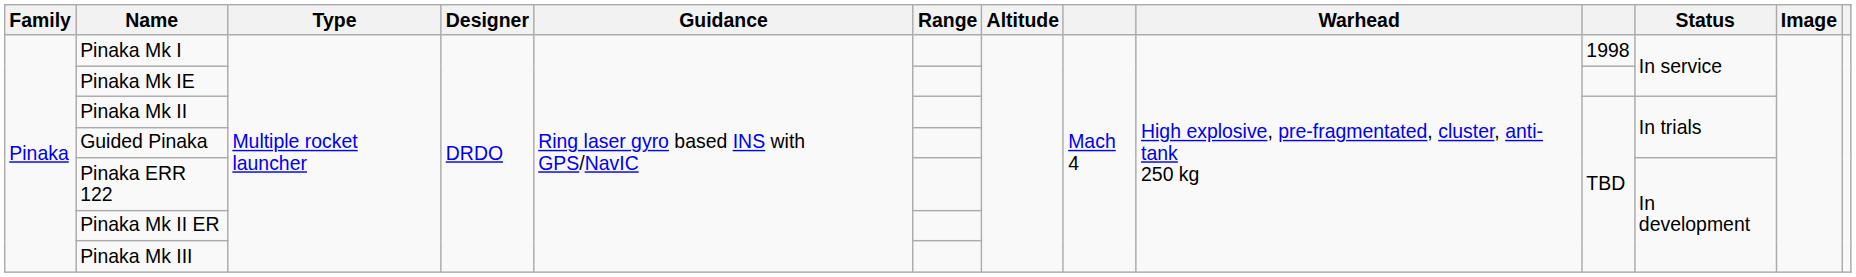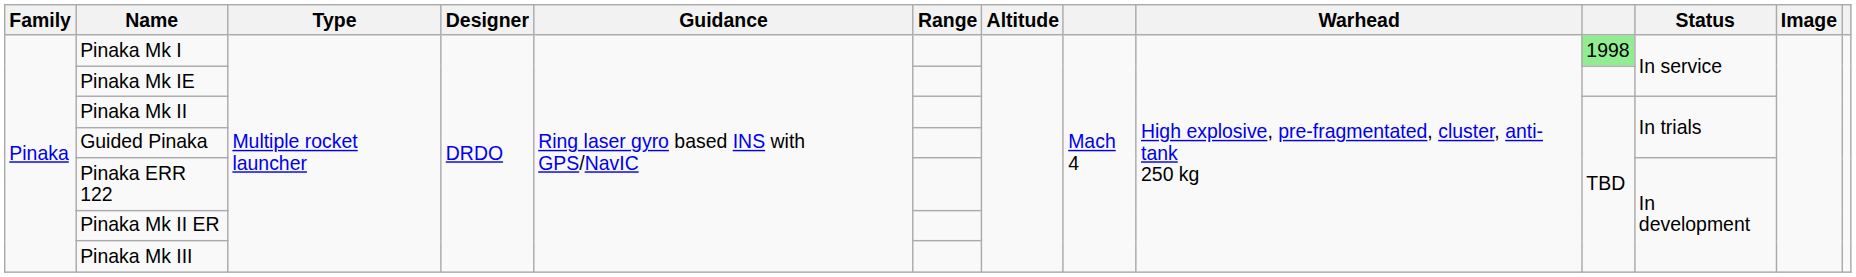 <table class="wikitable sortable" style="text-align:center|100px; font-size: 85%; width:95em;">
 <tr>
 <th>Family</th>
 <th>Name</th>
 <th>Type</th>
 <th>Designer</th>
 <th>Guidance</th>
 <th>Range</th>
 <th>Altitude</th>
 <th></th>
 <th>Warhead</th>
 <th></th>
 <th>Status</th>
 <th>Image</th>
 <th></th>
 </tr>
 <tr>
 <td rowspan="7"><a href='#'>Pinaka</a></td>
 <td>Pinaka Mk I</td>
 <td rowspan="7"><a href='#'>Multiple rocket launcher</a></td>
 <td rowspan="7"> <a href='#'>DRDO</a></td>
 <td rowspan="7"><a href='#'>Ring laser gyro</a> based <a href='#'>INS</a> with <a href='#'>GPS</a>/<a href='#'>NavIC</a></td>
 <td></td>
 <td rowspan="7"></td>
 <td rowspan="7"><a href='#'>Mach</a> 4</td>
 <td rowspan="7"><a href='#'>High explosive</a>, <a href='#'>pre-fragmentated</a>, <a href='#'>cluster</a>, <a href='#'>anti-tank</a> <br> 250 kg</td>
-<td>1998</td>
+<td style="background: lightgreen;">1998</td>
 <td rowspan="2">In service</td>
 <td rowspan="7"></td>
 <td rowspan="7"></td>
 </tr>
 <tr>
 <td>Pinaka Mk IE</td>
 <td></td>
 <td></td>
 </tr>
 <tr>
 <td>Pinaka Mk II</td>
 <td></td>
 <td rowspan="5">TBD</td>
 <td rowspan="2">In trials</td>
 </tr>
 <tr>
 <td>Guided Pinaka</td>
 <td></td>
 </tr>
 <tr>
 <td>Pinaka ERR 122</td>
 <td></td>
 <td rowspan="3">In development</td>
 </tr>
 <tr>
 <td>Pinaka Mk II ER</td>
 <td></td>
 </tr>
 <tr>
 <td>Pinaka Mk III</td>
 <td></td>
 </tr>
 </table>
